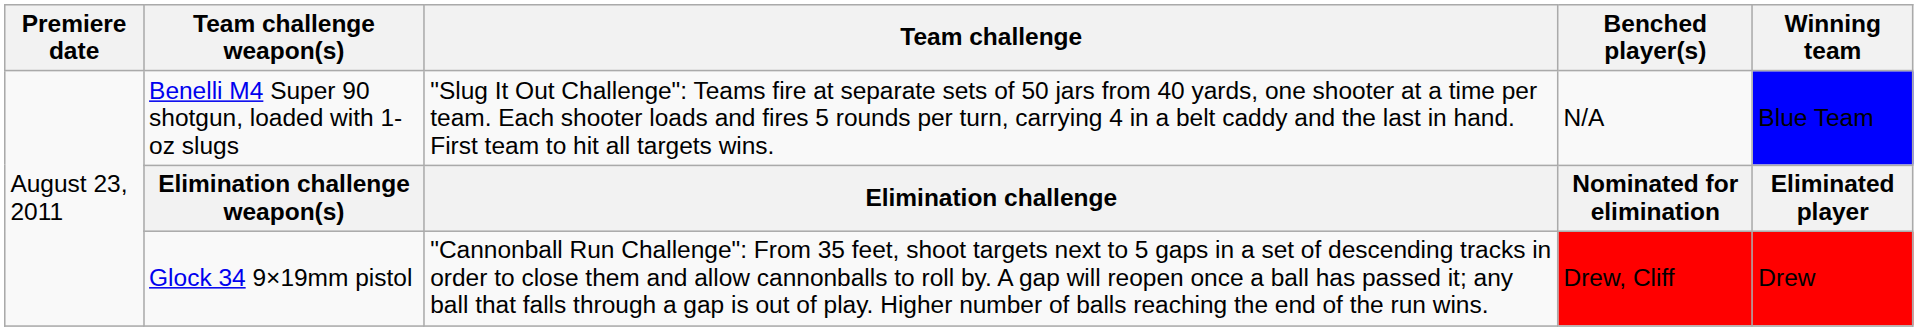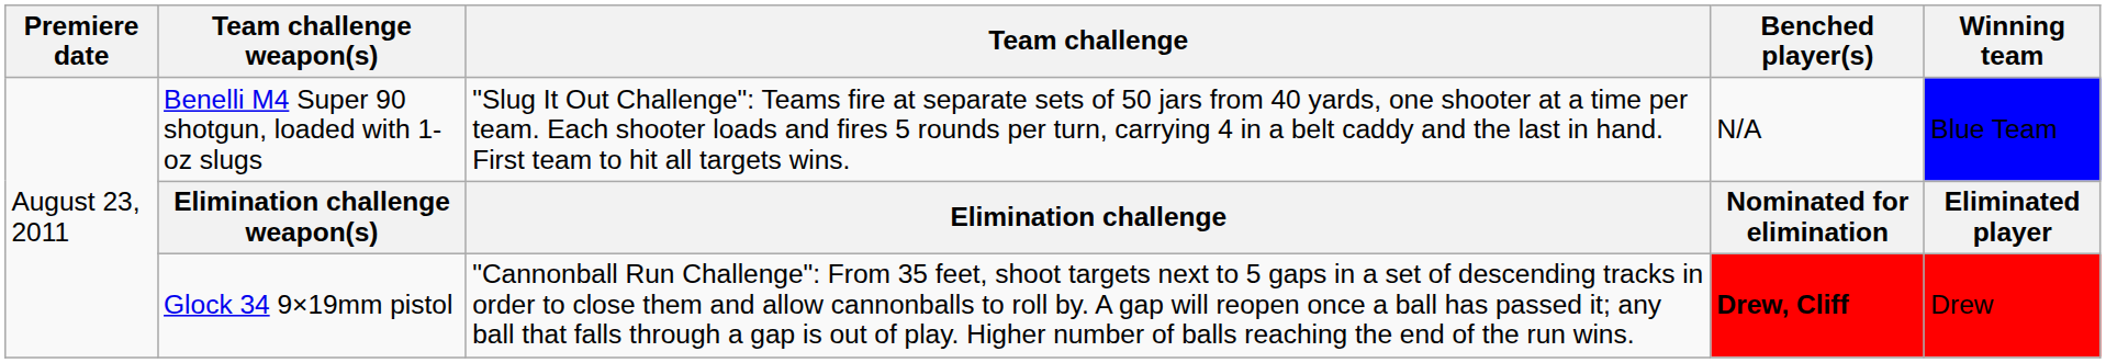 <table class="wikitable">
 <tr>
 <th>Premiere date</th>
 <th>Team challenge weapon(s)</th>
 <th>Team challenge</th>
 <th>Benched player(s)</th>
 <th>Winning team</th>
 </tr>
 <tr>
 <td rowspan="3">August 23, 2011</td>
 <td><a href='#'>Benelli M4</a> Super 90 shotgun, loaded with 1-oz slugs</td>
 <td>"Slug It Out Challenge": Teams fire at separate sets of 50 jars from 40 yards, one shooter at a time per team. Each shooter loads and fires 5 rounds per turn, carrying 4 in a belt caddy and the last in hand. First team to hit all targets wins.</td>
 <td>N/A</td>
 <td style="background:blue;"><span>Blue Team</span></td>
 </tr>
 <tr>
 <th>Elimination challenge weapon(s)</th>
 <th>Elimination challenge</th>
 <th>Nominated for elimination</th>
 <th>Eliminated player</th>
 </tr>
 <tr>
 <td><a href='#'>Glock 34</a> 9×19mm pistol</td>
 <td>"Cannonball Run Challenge": From 35 feet, shoot targets next to 5 gaps in a set of descending tracks in order to close them and allow cannonballs to roll by. A gap will reopen once a ball has passed it; any ball that falls through a gap is out of play. Higher number of balls reaching the end of the run wins.</td>
-<td style="background:red;"><span>Drew, Cliff</span></td>
+<td style="background:red;"><strong><span>Drew, Cliff</span></strong></td>
 <td style="background:red;"><span>Drew</span></td>
 </tr>
 </table>
